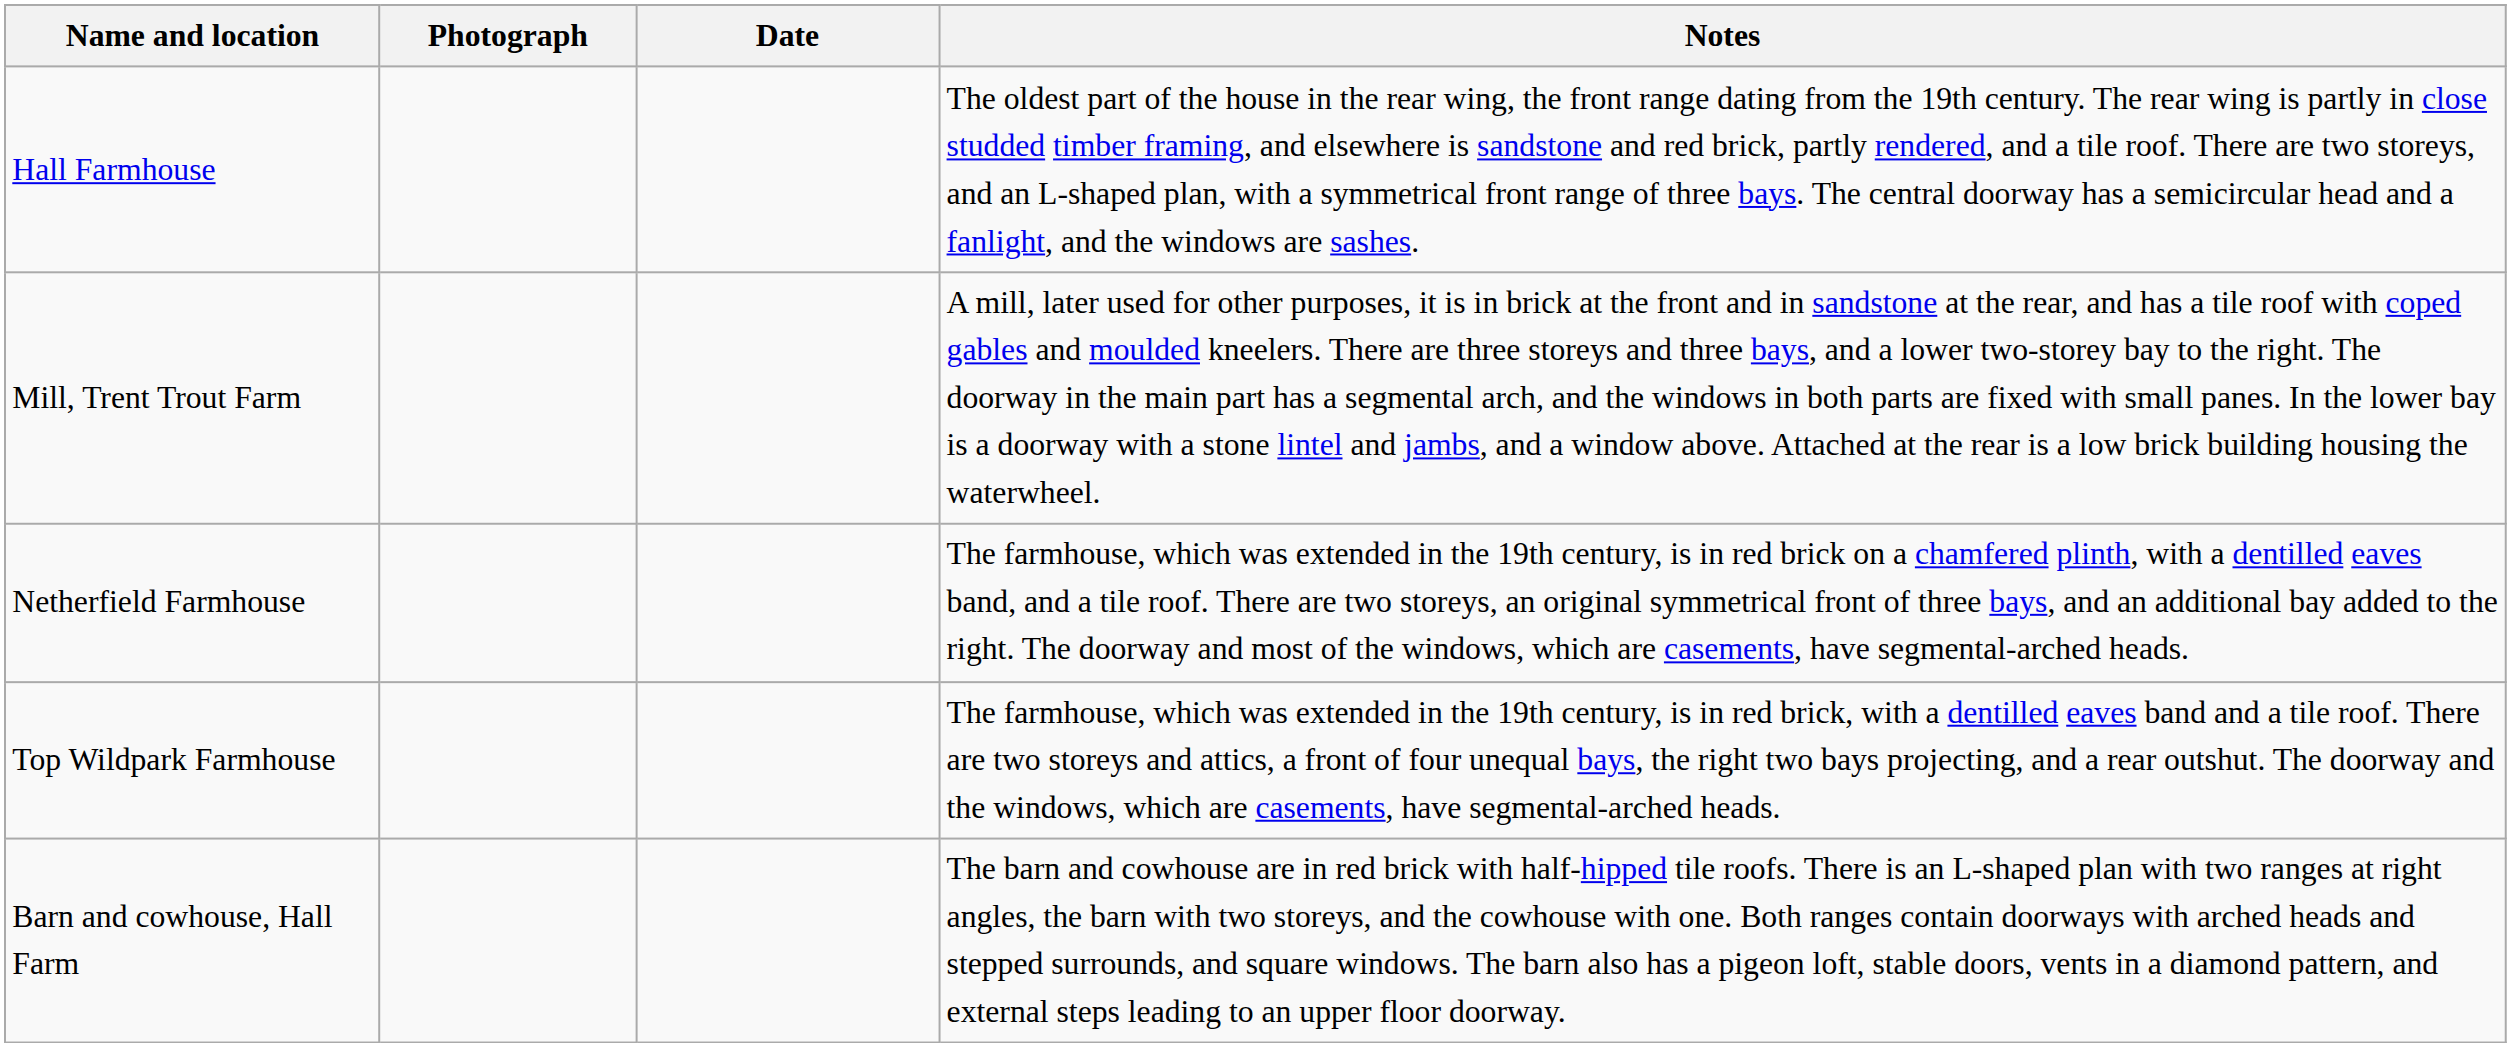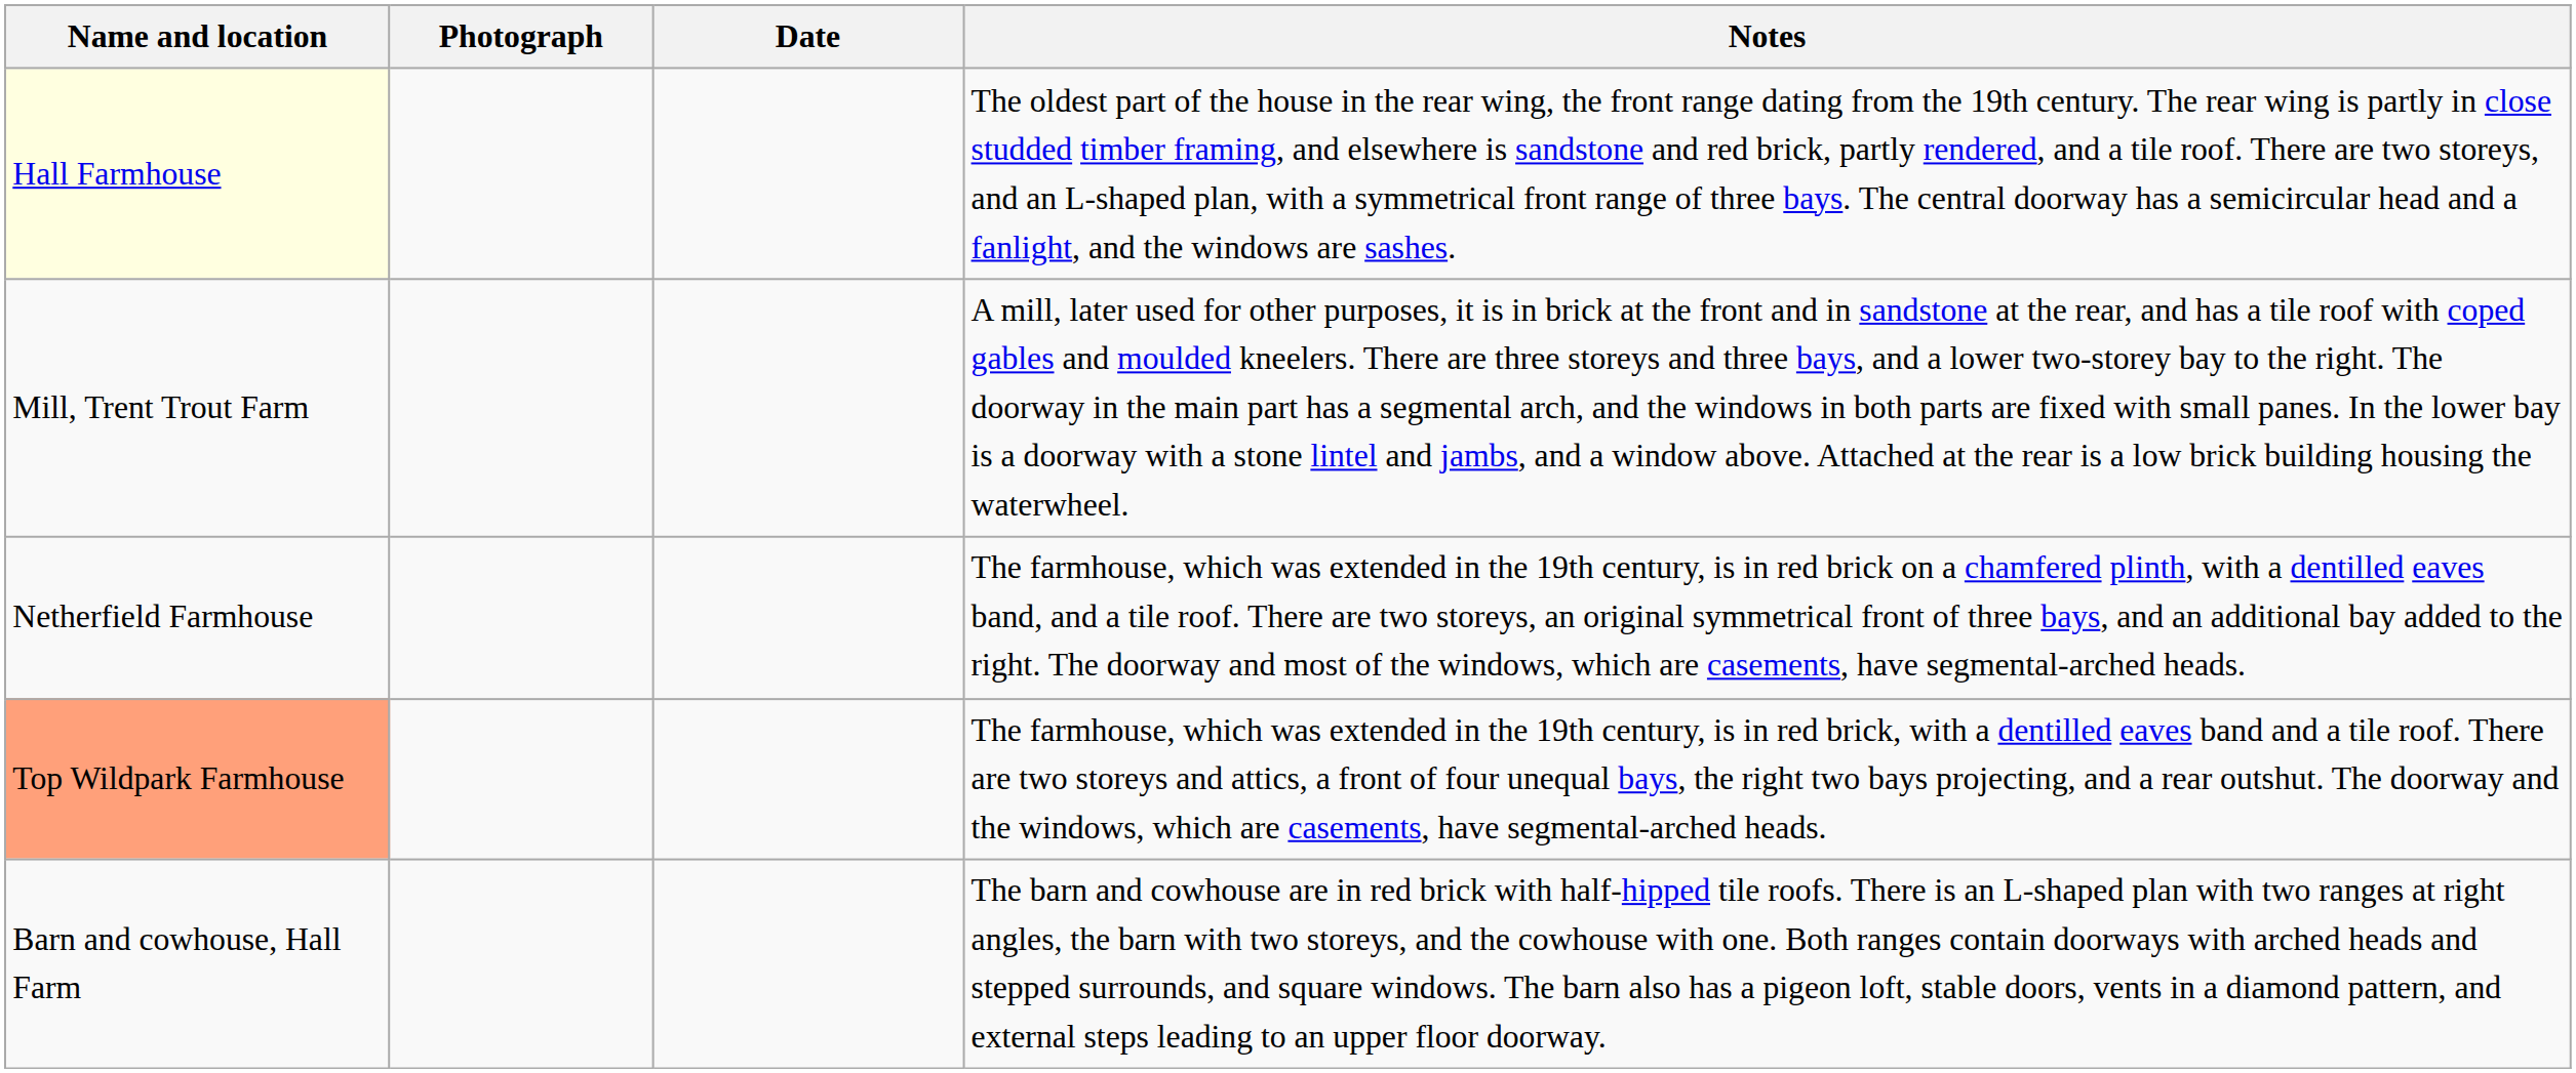 <table class="wikitable sortable plainrowheaders" style="width:100%;border:0px;text-align:left;line-height:150%;">
 <tr>
 <th scope="col"  style="width:150px">Name and location</th>
 <th scope="col"  style="width:100px" class="unsortable">Photograph</th>
 <th scope="col"  style="width:120px">Date</th>
 <th scope="col"  style="width:650px" class="unsortable">Notes</th>
 </tr>
 <tr>
-<td><a href='#'>Hall Farmhouse</a><br><small></small></td>
+<td style="background: lightyellow;"><a href='#'>Hall Farmhouse</a><br><small></small></td>
 <td></td>
 <td align="center"></td>
 <td>The oldest part of the house in the rear wing, the front range dating from the 19th century.  The rear wing is partly in <a href='#'>close studded</a> <a href='#'>timber framing</a>, and elsewhere is <a href='#'>sandstone</a> and red brick, partly <a href='#'>rendered</a>, and a tile roof.  There are two storeys, and an L-shaped plan, with a symmetrical front range of three <a href='#'>bays</a>.  The central doorway has a semicircular head and a <a href='#'>fanlight</a>, and the windows are <a href='#'>sashes</a>.</td>
 </tr>
 <tr>
 <td>Mill, Trent Trout Farm<br><small></small></td>
 <td></td>
 <td align="center"></td>
 <td>A mill, later used for other purposes, it is in brick at the front and in <a href='#'>sandstone</a> at the rear, and has a tile roof with <a href='#'>coped</a> <a href='#'>gables</a> and <a href='#'>moulded</a> kneelers.  There are three storeys and three <a href='#'>bays</a>, and a lower two-storey bay to the right.  The doorway in the main part has a segmental arch, and the windows in both parts are fixed with small panes.  In the lower bay is a doorway with a stone <a href='#'>lintel</a> and <a href='#'>jambs</a>, and a window above.  Attached at the rear is a low brick building housing the waterwheel.</td>
 </tr>
 <tr>
 <td>Netherfield Farmhouse<br><small></small></td>
 <td></td>
 <td align="center"></td>
 <td>The farmhouse, which was extended in the 19th century, is in red brick on a <a href='#'>chamfered</a> <a href='#'>plinth</a>, with a <a href='#'>dentilled</a> <a href='#'>eaves</a> band, and a tile roof.  There are two storeys, an original symmetrical front of three <a href='#'>bays</a>, and an additional bay added to the right.  The doorway and most of the windows, which are <a href='#'>casements</a>, have segmental-arched heads.</td>
 </tr>
 <tr>
-<td>Top Wildpark Farmhouse<br><small></small></td>
+<td style="background: lightsalmon;">Top Wildpark Farmhouse<br><small></small></td>
 <td></td>
 <td align="center"></td>
 <td>The farmhouse, which was extended in the 19th century, is in red brick, with a <a href='#'>dentilled</a> <a href='#'>eaves</a> band and a tile roof.  There are two storeys and attics, a front of four unequal <a href='#'>bays</a>, the right two bays projecting, and a rear outshut.  The doorway and the windows, which are <a href='#'>casements</a>, have segmental-arched heads.</td>
 </tr>
 <tr>
 <td>Barn and cowhouse, Hall Farm<br><small></small></td>
 <td></td>
 <td align="center"></td>
 <td>The barn and cowhouse are in red brick with half-<a href='#'>hipped</a> tile roofs.  There is an L-shaped plan with two ranges at right angles, the barn with two storeys, and the cowhouse with one.  Both ranges contain doorways with arched heads and stepped surrounds, and square windows.  The barn also has a pigeon loft, stable doors, vents in a diamond pattern, and external steps leading to an upper floor doorway.</td>
 </tr>
 <tr>
 </tr>
 </table>
